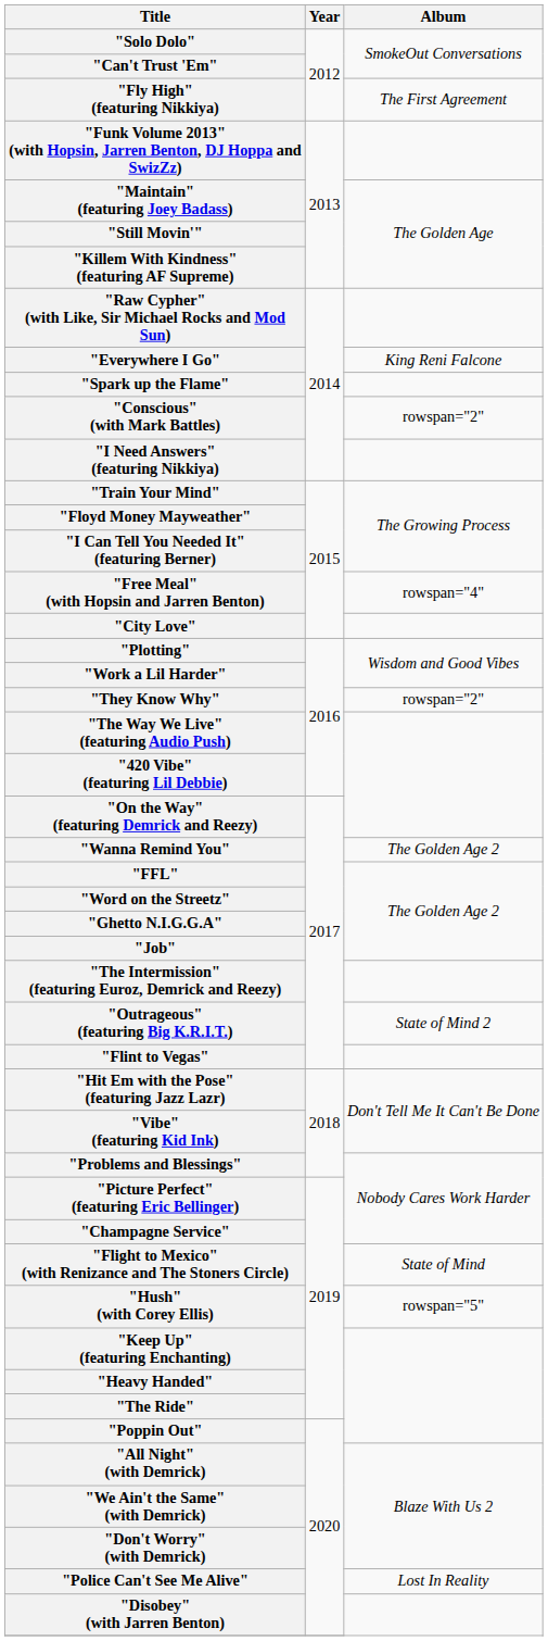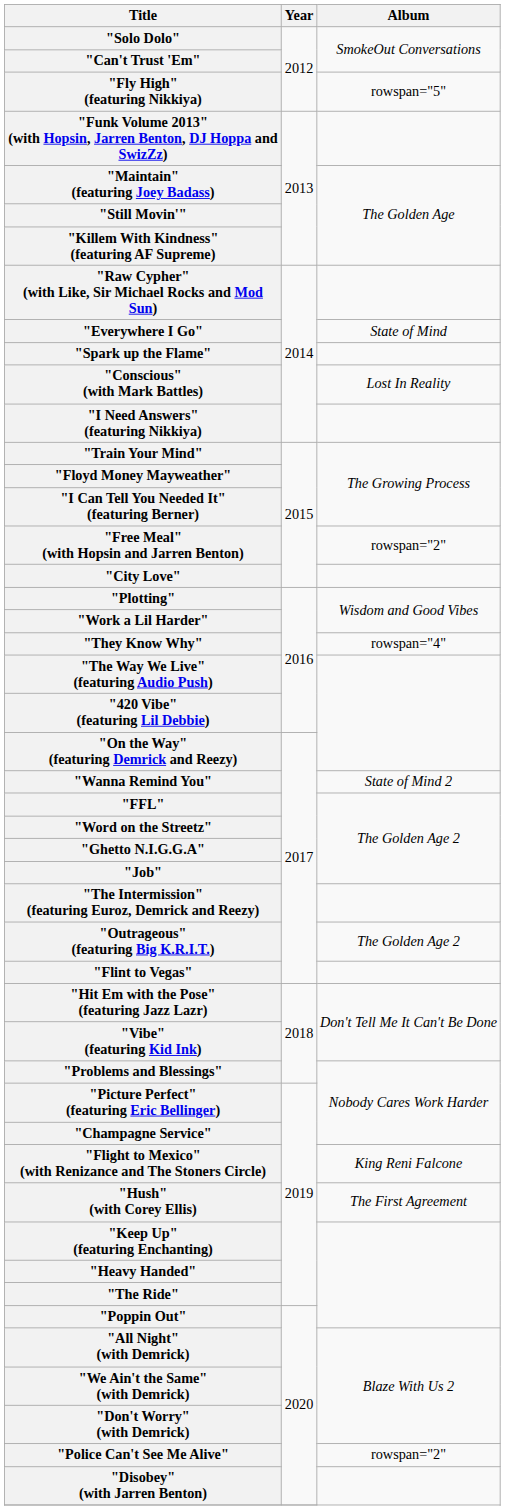 <table class="wikitable plainrowheaders" style="text-align:center;">
 <tr>
 <th scope="col" style="width:19em;">Title</th>
 <th scope="col">Year</th>
 <th scope="col">Album</th>
 </tr>
 <tr>
 <th scope="row">"Solo Dolo"</th>
 <td rowspan="3">2012</td>
 <td rowspan="2"><em>SmokeOut Conversations</em></td>
 </tr>
 <tr>
 <th scope="row">"Can't Trust 'Em"</th>
 </tr>
 <tr>
 <th scope="row">"Fly High"<br><span>(featuring Nikkiya)</span></th>
-<td><em>The First Agreement</em></td>
+<td>rowspan="5" </td>
 </tr>
 <tr>
 <th scope="row">"Funk Volume 2013"<br><span>(with <a href='#'>Hopsin</a>, <a href='#'>Jarren Benton</a>, <a href='#'>DJ Hoppa</a> and <a href='#'>SwizZz</a>)</span></th>
 <td rowspan="4">2013</td>
 <td></td>
 </tr>
 <tr>
 <th scope="row">"Maintain"<br><span>(featuring <a href='#'>Joey Badass</a>)</span></th>
 <td rowspan="3"><em>The Golden Age</em></td>
 </tr>
 <tr>
 <th scope="row">"Still Movin'"</th>
 </tr>
 <tr>
 <th scope="row">"Killem With Kindness"<br><span>(featuring AF Supreme)</span></th>
 </tr>
 <tr>
 <th scope="row">"Raw Cypher"<br><span>(with Like, Sir Michael Rocks and <a href='#'>Mod Sun</a>)</span></th>
 <td rowspan="5">2014</td>
 <td></td>
 </tr>
 <tr>
 <th scope="row">"Everywhere I Go"</th>
-<td><em>King Reni Falcone</em></td>
+<td><em>State of Mind</em></td>
 </tr>
 <tr>
 <th scope="row">"Spark up the Flame"</th>
 <td></td>
 </tr>
 <tr>
 <th scope="row">"Conscious"<br><span>(with Mark Battles)</span></th>
-<td>rowspan="2" </td>
+<td><em>Lost In Reality</em></td>
 </tr>
 <tr>
 <th scope="row">"I Need Answers"<br><span>(featuring Nikkiya)</span></th>
 <td></td>
 </tr>
 <tr>
 <th scope="row">"Train Your Mind"</th>
 <td rowspan="5">2015</td>
 <td rowspan="3"><em>The Growing Process</em></td>
 </tr>
 <tr>
 <th scope="row">"Floyd Money Mayweather"</th>
 </tr>
 <tr>
 <th scope="row">"I Can Tell You Needed It"<br><span>(featuring Berner)</span></th>
 </tr>
 <tr>
 <th scope="row">"Free Meal"<br><span>(with Hopsin and Jarren Benton)</span></th>
-<td>rowspan="4" </td>
+<td>rowspan="2" </td>
 </tr>
 <tr>
 <th scope="row">"City Love"</th>
 </tr>
 <tr>
 <th scope="row">"Plotting"</th>
 <td rowspan="5">2016</td>
 <td rowspan="2"><em>Wisdom and Good Vibes</em></td>
 </tr>
 <tr>
 <th scope="row">"Work a Lil Harder"</th>
 </tr>
 <tr>
 <th scope="row">"They Know Why"</th>
-<td>rowspan="2" </td>
+<td>rowspan="4" </td>
 </tr>
 <tr>
 <th scope="row">"The Way We Live"<br><span>(featuring <a href='#'>Audio Push</a>)</span></th>
 </tr>
 <tr>
 <th scope="row">"420 Vibe"<br><span>(featuring <a href='#'>Lil Debbie</a>)</span></th>
 </tr>
 <tr>
 <th scope="row">"On the Way"<br><span>(featuring <a href='#'>Demrick</a> and Reezy)</span></th>
 <td rowspan="9">2017</td>
 </tr>
 <tr>
 <th scope="row">"Wanna Remind You"</th>
-<td><em>The Golden Age 2</em></td>
+<td><em>State of Mind 2</em></td>
 </tr>
 <tr>
 <th scope="row">"FFL"</th>
 <td rowspan="4"><em>The Golden Age 2</em></td>
 </tr>
 <tr>
 <th scope="row">"Word on the Streetz"</th>
 </tr>
 <tr>
 <th scope="row">"Ghetto N.I.G.G.A"</th>
 </tr>
 <tr>
 <th scope="row">"Job"</th>
 </tr>
 <tr>
 <th scope="row">"The Intermission"<br><span>(featuring Euroz, Demrick and Reezy)</span></th>
 <td></td>
 </tr>
 <tr>
 <th scope="row">"Outrageous"<br><span>(featuring <a href='#'>Big K.R.I.T.</a>)</span></th>
-<td><em>State of Mind 2</em></td>
+<td><em>The Golden Age 2</em></td>
 </tr>
 <tr>
 <th scope="row">"Flint to Vegas"</th>
 <td></td>
 </tr>
 <tr>
 <th scope="row">"Hit Em with the Pose"<br><span>(featuring Jazz Lazr)</span></th>
 <td rowspan="3">2018</td>
 <td rowspan="2"><em>Don't Tell Me It Can't Be Done</em></td>
 </tr>
 <tr>
 <th scope="row">"Vibe"<br><span>(featuring <a href='#'>Kid Ink</a>)</span></th>
 </tr>
 <tr>
 <th scope="row">"Problems and Blessings"</th>
 <td rowspan="3"><em>Nobody Cares Work Harder</em></td>
 </tr>
 <tr>
 <th scope="row">"Picture Perfect"<br><span>(featuring <a href='#'>Eric Bellinger</a>)</span></th>
 <td rowspan="7">2019</td>
 </tr>
 <tr>
 <th scope="row">"Champagne Service"</th>
 </tr>
 <tr>
 <th scope="row">"Flight to Mexico"<br><span>(with Renizance and The Stoners Circle)</span></th>
-<td><em>State of Mind</em></td>
+<td><em>King Reni Falcone</em></td>
 </tr>
 <tr>
 <th scope="row">"Hush"<br><span>(with Corey Ellis)</span></th>
-<td>rowspan="5" </td>
+<td><em>The First Agreement</em></td>
 </tr>
 <tr>
 <th scope="row">"Keep Up"<br><span>(featuring Enchanting)</span></th>
 </tr>
 <tr>
 <th scope="row">"Heavy Handed"</th>
 </tr>
 <tr>
 <th scope="row">"The Ride"</th>
 </tr>
 <tr>
 <th scope="row">"Poppin Out"</th>
 <td rowspan="6">2020</td>
 </tr>
 <tr>
 <th scope="row">"All Night"<br><span>(with Demrick)</span></th>
 <td rowspan="3"><em>Blaze With Us 2</em></td>
 </tr>
 <tr>
 <th scope="row">"We Ain't the Same"<br><span>(with Demrick)</span></th>
 </tr>
 <tr>
 <th scope="row">"Don't Worry"<br><span>(with Demrick)</span></th>
 </tr>
 <tr>
 <th scope="row">"Police Can't See Me Alive"</th>
-<td><em>Lost In Reality</em></td>
+<td>rowspan="2" </td>
 </tr>
 <tr>
 <th scope="row">"Disobey"<br><span>(with Jarren Benton)</span></th>
 </tr>
 <tr>
 </tr>
 </table>
